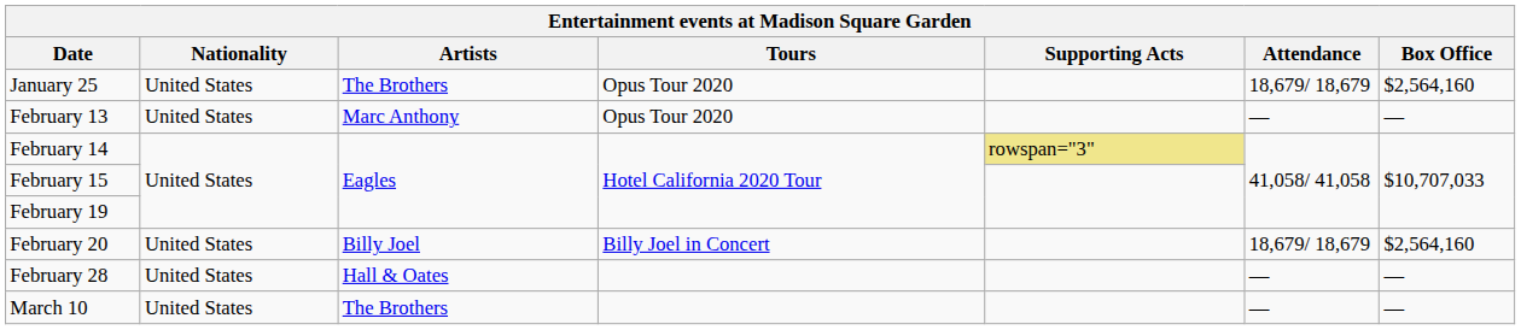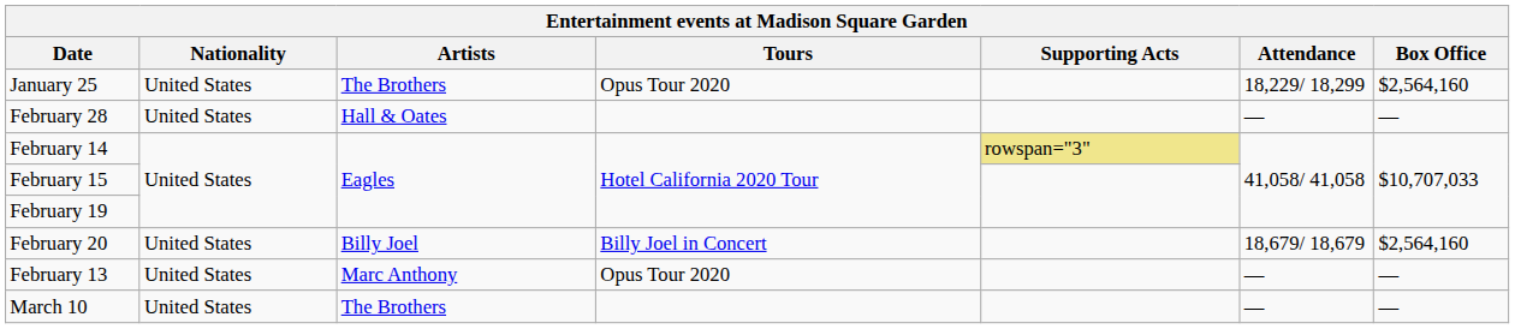 <table class="wikitable">
 <tr>
 <th colspan="7">Entertainment events at Madison Square Garden</th>
 </tr>
 <tr>
 <th width=100>Date</th>
 <th width=150>Nationality</th>
 <th width=200>Artists</th>
 <th width=300>Tours</th>
 <th width=200>Supporting Acts</th>
 <th width=100>Attendance</th>
 <th width=100>Box Office</th>
 </tr>
 <tr>
 <td>January 25</td>
 <td>United States</td>
 <td><a href='#'>The Brothers</a></td>
 <td>Opus Tour 2020</td>
 <td></td>
-<td>18,679/ 18,679</td>
+<td>18,229/ 18,299</td>
 <td>$2,564,160</td>
 </tr>
 <tr>
-<td>February 13</td>
+<td>February 28</td>
 <td>United States</td>
-<td><a href='#'>Marc Anthony</a></td>
-<td>Opus Tour 2020</td>
+<td><a href='#'>Hall & Oates</a></td>
+<td></td>
 <td></td>
 <td>—</td>
 <td>—</td>
 </tr>
 <tr>
 <td>February 14</td>
 <td rowspan="3">United States</td>
 <td rowspan="3"><a href='#'>Eagles</a></td>
 <td rowspan="3"><a href='#'>Hotel California 2020 Tour</a></td>
 <td style="background: khaki;">rowspan="3" </td>
 <td rowspan="3">41,058/ 41,058</td>
 <td rowspan="3">$10,707,033</td>
 </tr>
 <tr>
 <td>February 15</td>
 </tr>
 <tr>
 <td>February 19</td>
 </tr>
 <tr>
 <td>February 20</td>
 <td>United States</td>
 <td><a href='#'>Billy Joel</a></td>
 <td><a href='#'>Billy Joel in Concert</a></td>
 <td></td>
 <td>18,679/ 18,679</td>
 <td>$2,564,160</td>
 </tr>
 <tr>
-<td>February 28</td>
+<td>February 13</td>
 <td>United States</td>
-<td><a href='#'>Hall & Oates</a></td>
-<td></td>
+<td><a href='#'>Marc Anthony</a></td>
+<td>Opus Tour 2020</td>
 <td></td>
 <td>—</td>
 <td>—</td>
 </tr>
 <tr>
 <td>March 10</td>
 <td>United States</td>
 <td><a href='#'>The Brothers</a></td>
 <td></td>
 <td></td>
 <td>—</td>
 <td>—</td>
 </tr>
 </table>
